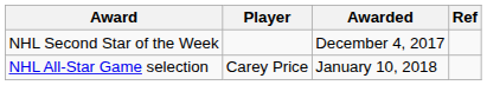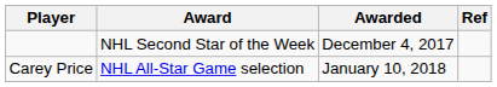 <table class="wikitable" style="width:auto;">
 <tr>
+<th>Player</th>
 <th>Award</th>
-<th>Player</th>
 <th>Awarded</th>
 <th>Ref</th>
 </tr>
 <tr>
+<td></td>
 <td>NHL Second Star of the Week</td>
-<td></td>
 <td>December 4, 2017</td>
 <td></td>
 </tr>
 <tr>
+<td>Carey Price</td>
 <td><a href='#'>NHL All-Star Game</a> selection</td>
-<td>Carey Price</td>
 <td>January 10, 2018</td>
 <td></td>
 </tr>
 </table>
